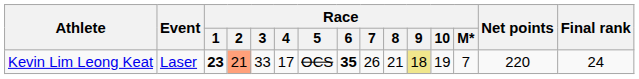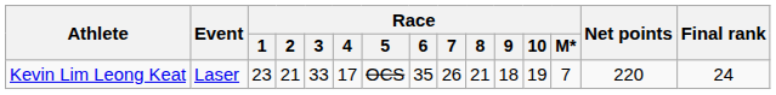 <table class="wikitable" style="font-size:90%">
 <tr>
 <th rowspan=2>Athlete</th>
 <th rowspan=2>Event</th>
 <th colspan=11>Race</th>
 <th rowspan=2>Net points</th>
 <th rowspan=2>Final rank</th>
 </tr>
 <tr style="font-size:95%">
 <th>1</th>
 <th>2</th>
 <th>3</th>
 <th>4</th>
 <th>5</th>
 <th>6</th>
 <th>7</th>
 <th>8</th>
 <th>9</th>
 <th>10</th>
 <th>M*</th>
 </tr>
 <tr align=center>
 <td align=left><a href='#'>Kevin Lim Leong Keat</a></td>
 <td align=left><a href='#'>Laser</a></td>
-<td><strong>23</strong></td>
-<td style="background: lightsalmon;">21</td>
+<td>23</td>
+<td>21</td>
 <td>33</td>
 <td>17</td>
 <td><s>OCS</s></td>
-<td><strong>35</strong></td>
+<td>35</td>
 <td>26</td>
 <td>21</td>
-<td style="background: khaki;">18</td>
+<td>18</td>
 <td>19</td>
 <td>7</td>
 <td>220</td>
 <td>24</td>
 </tr>
 </table>
